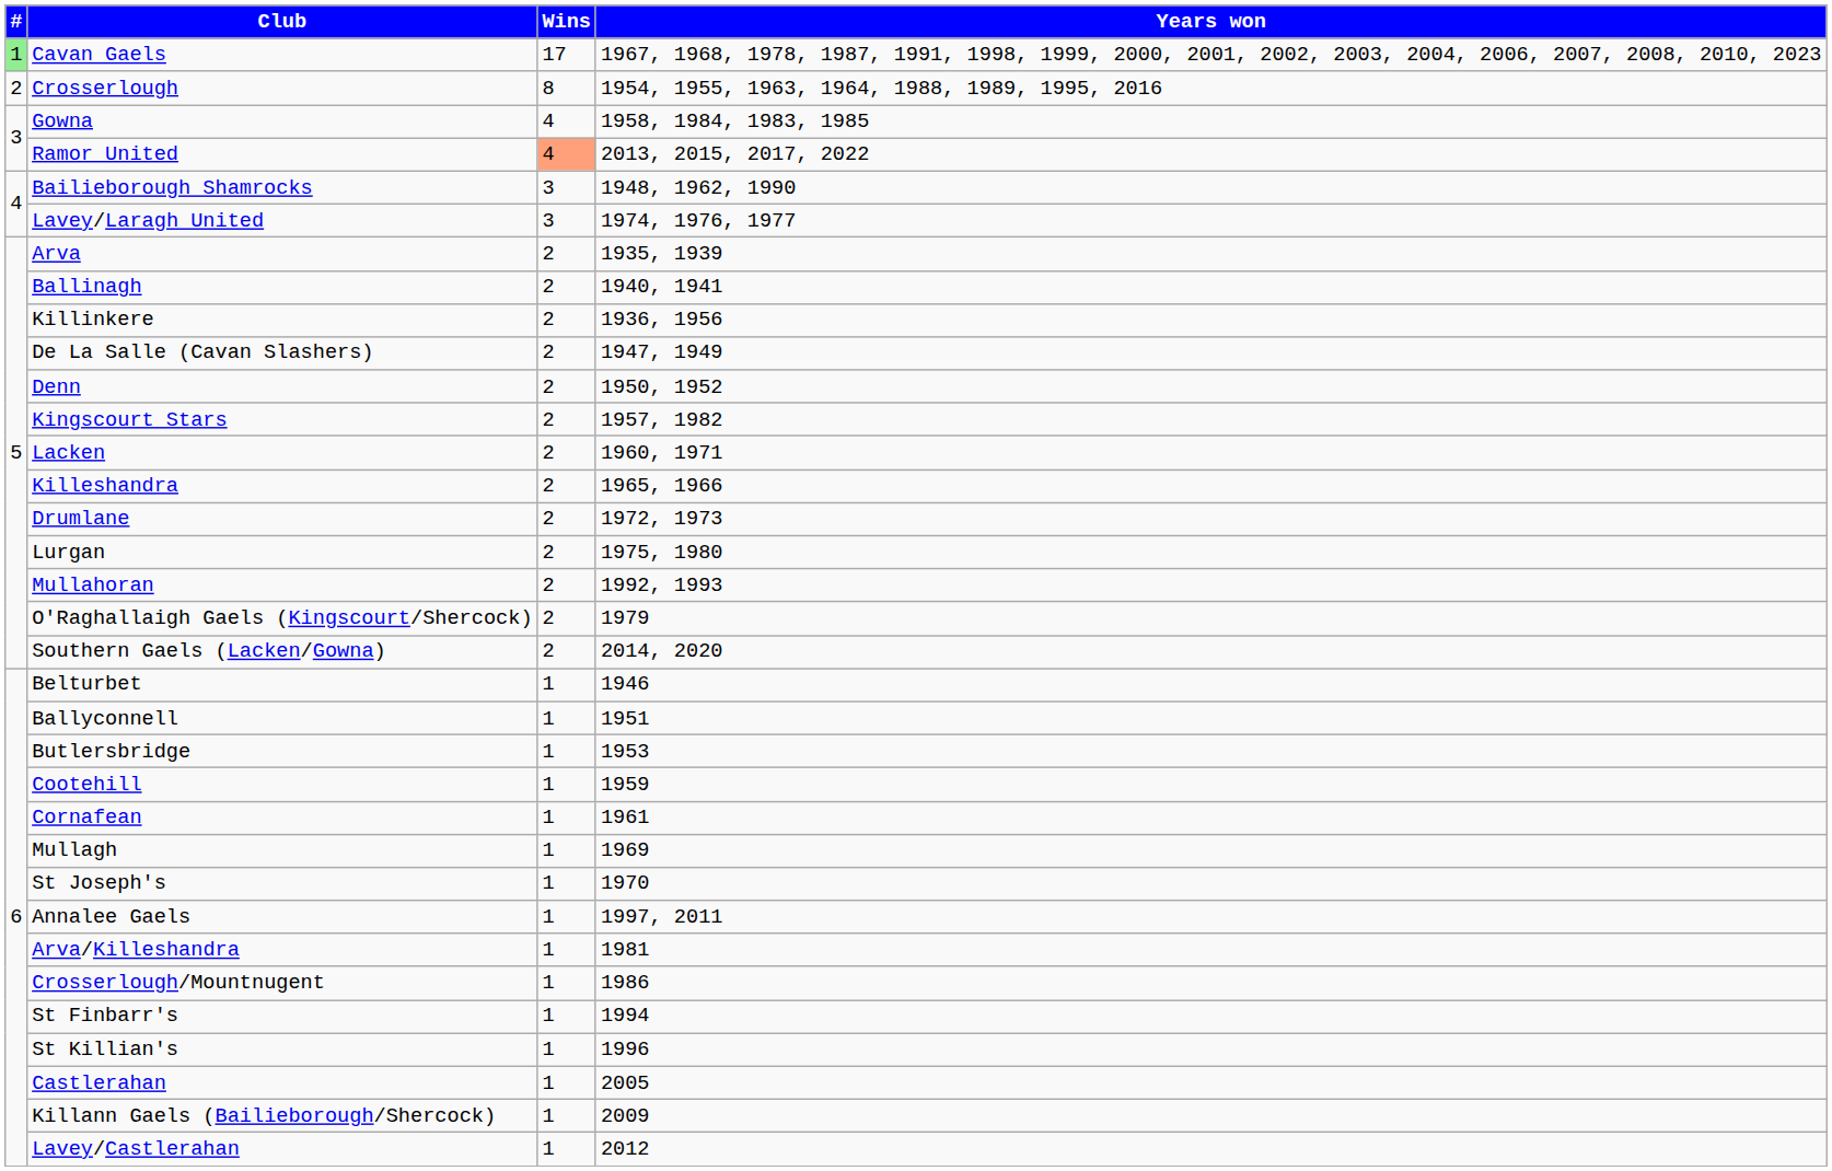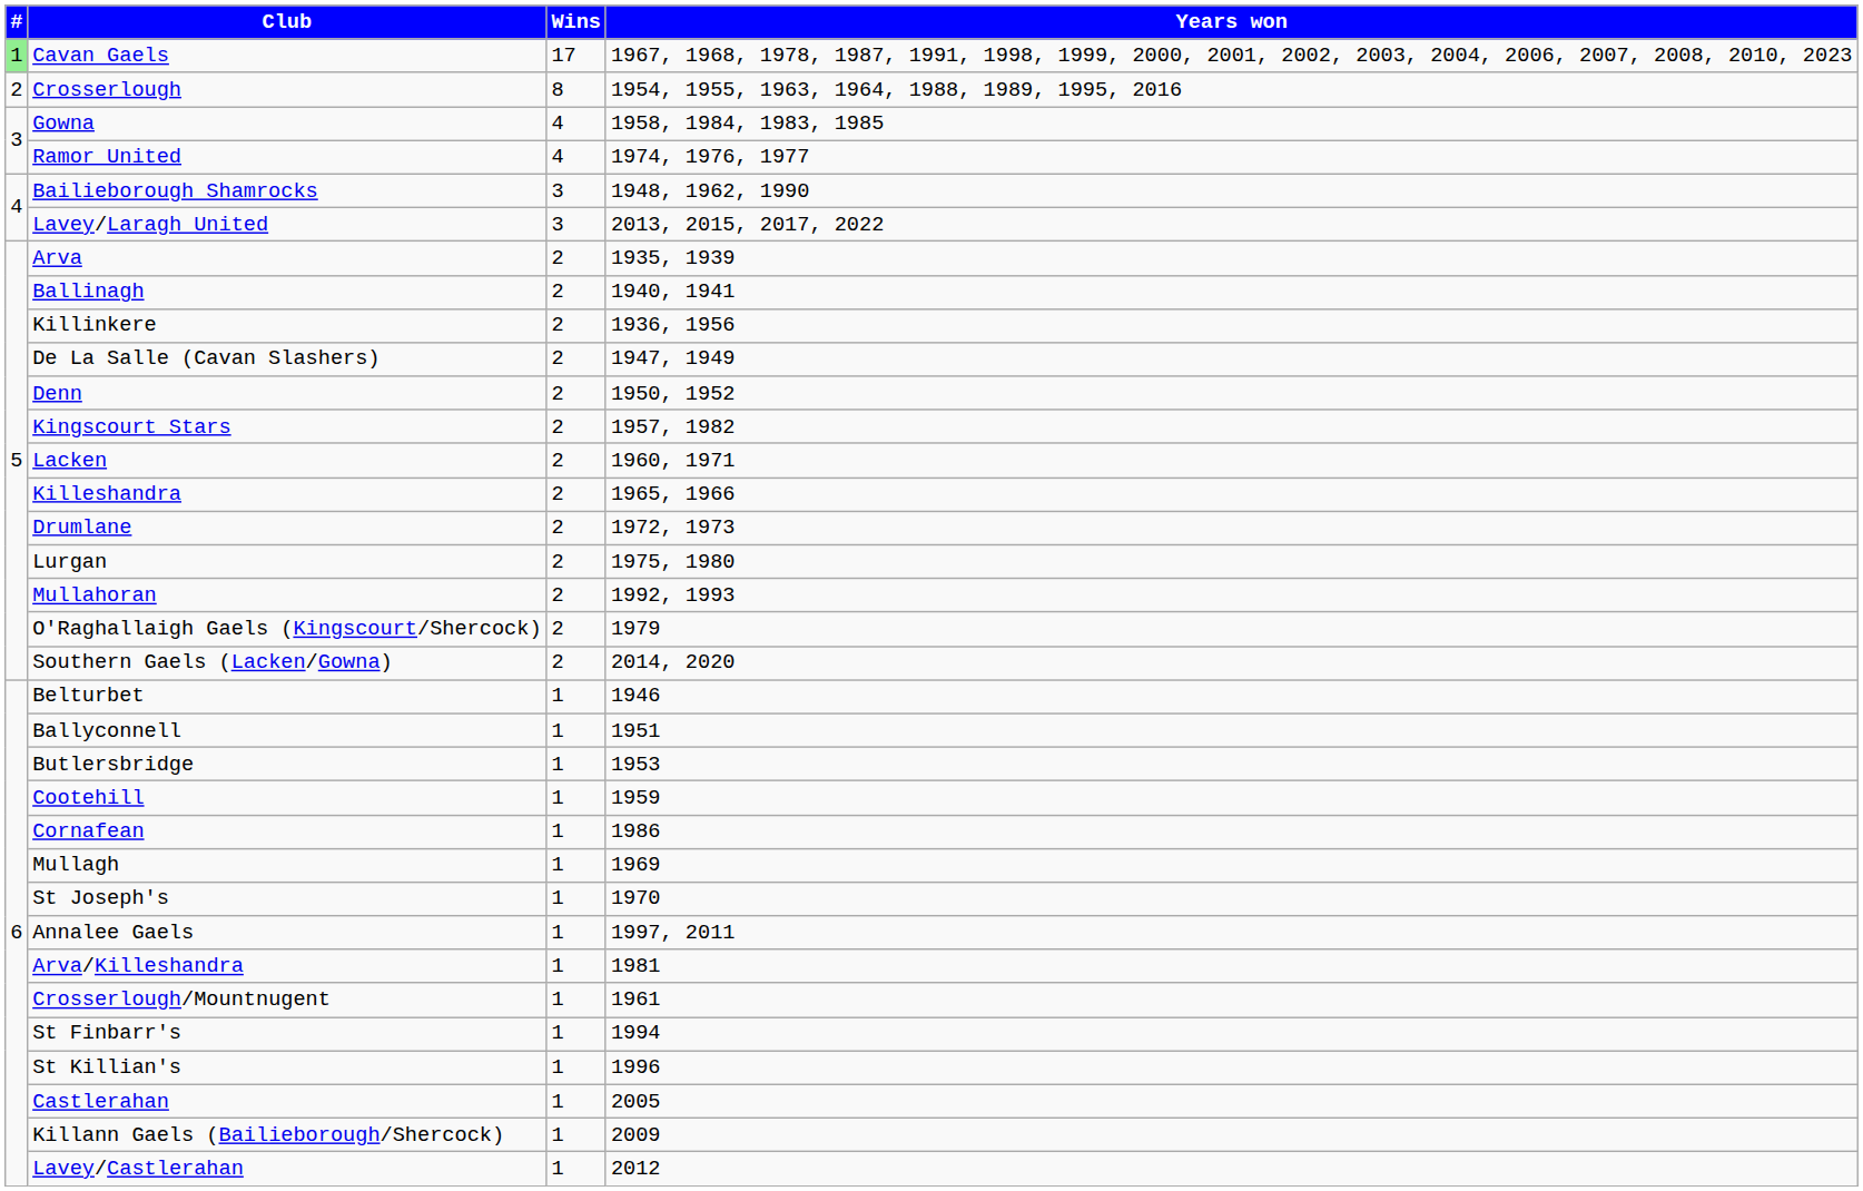 <table class="wikitable">
 <tr>
 <th style="background:blue;color:white;">#</th>
 <th style="background:blue;color:white;">Club</th>
 <th style="background:blue;color:white;">Wins</th>
 <th style="background:blue;color:white;">Years won</th>
 </tr>
 <tr>
 <td style="background: lightgreen;">1</td>
 <td><a href='#'>Cavan Gaels</a></td>
 <td>17</td>
 <td>1967, 1968, 1978, 1987, 1991, 1998, 1999, 2000, 2001, 2002, 2003, 2004, 2006, 2007, 2008, 2010, 2023</td>
 </tr>
 <tr>
 <td>2</td>
 <td><a href='#'>Crosserlough</a></td>
 <td>8</td>
 <td>1954, 1955, 1963, 1964, 1988, 1989, 1995, 2016</td>
 </tr>
 <tr>
 <td rowspan=2>3</td>
 <td><a href='#'>Gowna</a></td>
 <td>4</td>
 <td>1958, 1984, 1983, 1985</td>
 </tr>
 <tr>
 <td><a href='#'>Ramor United</a></td>
-<td style="background: lightsalmon;">4</td>
-<td>2013, 2015, 2017, 2022</td>
+<td>4</td>
+<td>1974, 1976, 1977</td>
 </tr>
 <tr>
 <td rowspan=2>4</td>
 <td><a href='#'>Bailieborough Shamrocks</a></td>
 <td>3</td>
 <td>1948, 1962, 1990</td>
 </tr>
 <tr>
 <td><a href='#'>Lavey</a>/<a href='#'>Laragh United</a></td>
 <td>3</td>
-<td>1974, 1976, 1977</td>
+<td>2013, 2015, 2017, 2022</td>
 </tr>
 <tr>
 <td rowspan=13>5</td>
 <td><a href='#'>Arva</a></td>
 <td>2</td>
 <td>1935, 1939</td>
 </tr>
 <tr>
 <td><a href='#'>Ballinagh</a></td>
 <td>2</td>
 <td>1940, 1941</td>
 </tr>
 <tr>
 <td>Killinkere</td>
 <td>2</td>
 <td>1936, 1956</td>
 </tr>
 <tr>
 <td>De La Salle (Cavan Slashers)</td>
 <td>2</td>
 <td>1947, 1949</td>
 </tr>
 <tr>
 <td><a href='#'>Denn</a></td>
 <td>2</td>
 <td>1950, 1952</td>
 </tr>
 <tr>
 <td><a href='#'>Kingscourt Stars</a></td>
 <td>2</td>
 <td>1957, 1982</td>
 </tr>
 <tr>
 <td><a href='#'>Lacken</a></td>
 <td>2</td>
 <td>1960, 1971</td>
 </tr>
 <tr>
 <td><a href='#'>Killeshandra</a></td>
 <td>2</td>
 <td>1965, 1966</td>
 </tr>
 <tr>
 <td><a href='#'>Drumlane</a></td>
 <td>2</td>
 <td>1972, 1973</td>
 </tr>
 <tr>
 <td>Lurgan</td>
 <td>2</td>
 <td>1975, 1980</td>
 </tr>
 <tr>
 <td><a href='#'>Mullahoran</a></td>
 <td>2</td>
 <td>1992, 1993</td>
 </tr>
 <tr>
 <td>O'Raghallaigh Gaels (<a href='#'>Kingscourt</a>/Shercock)</td>
 <td>2</td>
 <td>1979</td>
 </tr>
 <tr>
 <td>Southern Gaels (<a href='#'>Lacken</a>/<a href='#'>Gowna</a>)</td>
 <td>2</td>
 <td>2014, 2020</td>
 </tr>
 <tr>
 <td rowspan=15>6</td>
 <td>Belturbet</td>
 <td>1</td>
 <td>1946</td>
 </tr>
 <tr>
 <td>Ballyconnell</td>
 <td>1</td>
 <td>1951</td>
 </tr>
 <tr>
 <td>Butlersbridge</td>
 <td>1</td>
 <td>1953</td>
 </tr>
 <tr>
 <td><a href='#'>Cootehill</a></td>
 <td>1</td>
 <td>1959</td>
 </tr>
 <tr>
 <td><a href='#'>Cornafean</a></td>
 <td>1</td>
-<td>1961</td>
+<td>1986</td>
 </tr>
 <tr>
 <td>Mullagh</td>
 <td>1</td>
 <td>1969</td>
 </tr>
 <tr>
 <td>St Joseph's</td>
 <td>1</td>
 <td>1970</td>
 </tr>
 <tr>
 <td>Annalee Gaels</td>
 <td>1</td>
 <td>1997, 2011</td>
 </tr>
 <tr>
 <td><a href='#'>Arva</a>/<a href='#'>Killeshandra</a></td>
 <td>1</td>
 <td>1981</td>
 </tr>
 <tr>
 <td><a href='#'>Crosserlough</a>/Mountnugent</td>
 <td>1</td>
-<td>1986</td>
+<td>1961</td>
 </tr>
 <tr>
 <td>St Finbarr's</td>
 <td>1</td>
 <td>1994</td>
 </tr>
 <tr>
 <td>St Killian's</td>
 <td>1</td>
 <td>1996</td>
 </tr>
 <tr>
 <td><a href='#'>Castlerahan</a></td>
 <td>1</td>
 <td>2005</td>
 </tr>
 <tr>
 <td>Killann Gaels (<a href='#'>Bailieborough</a>/Shercock)</td>
 <td>1</td>
 <td>2009</td>
 </tr>
 <tr>
 <td><a href='#'>Lavey</a>/<a href='#'>Castlerahan</a></td>
 <td>1</td>
 <td>2012</td>
 </tr>
 </table>
